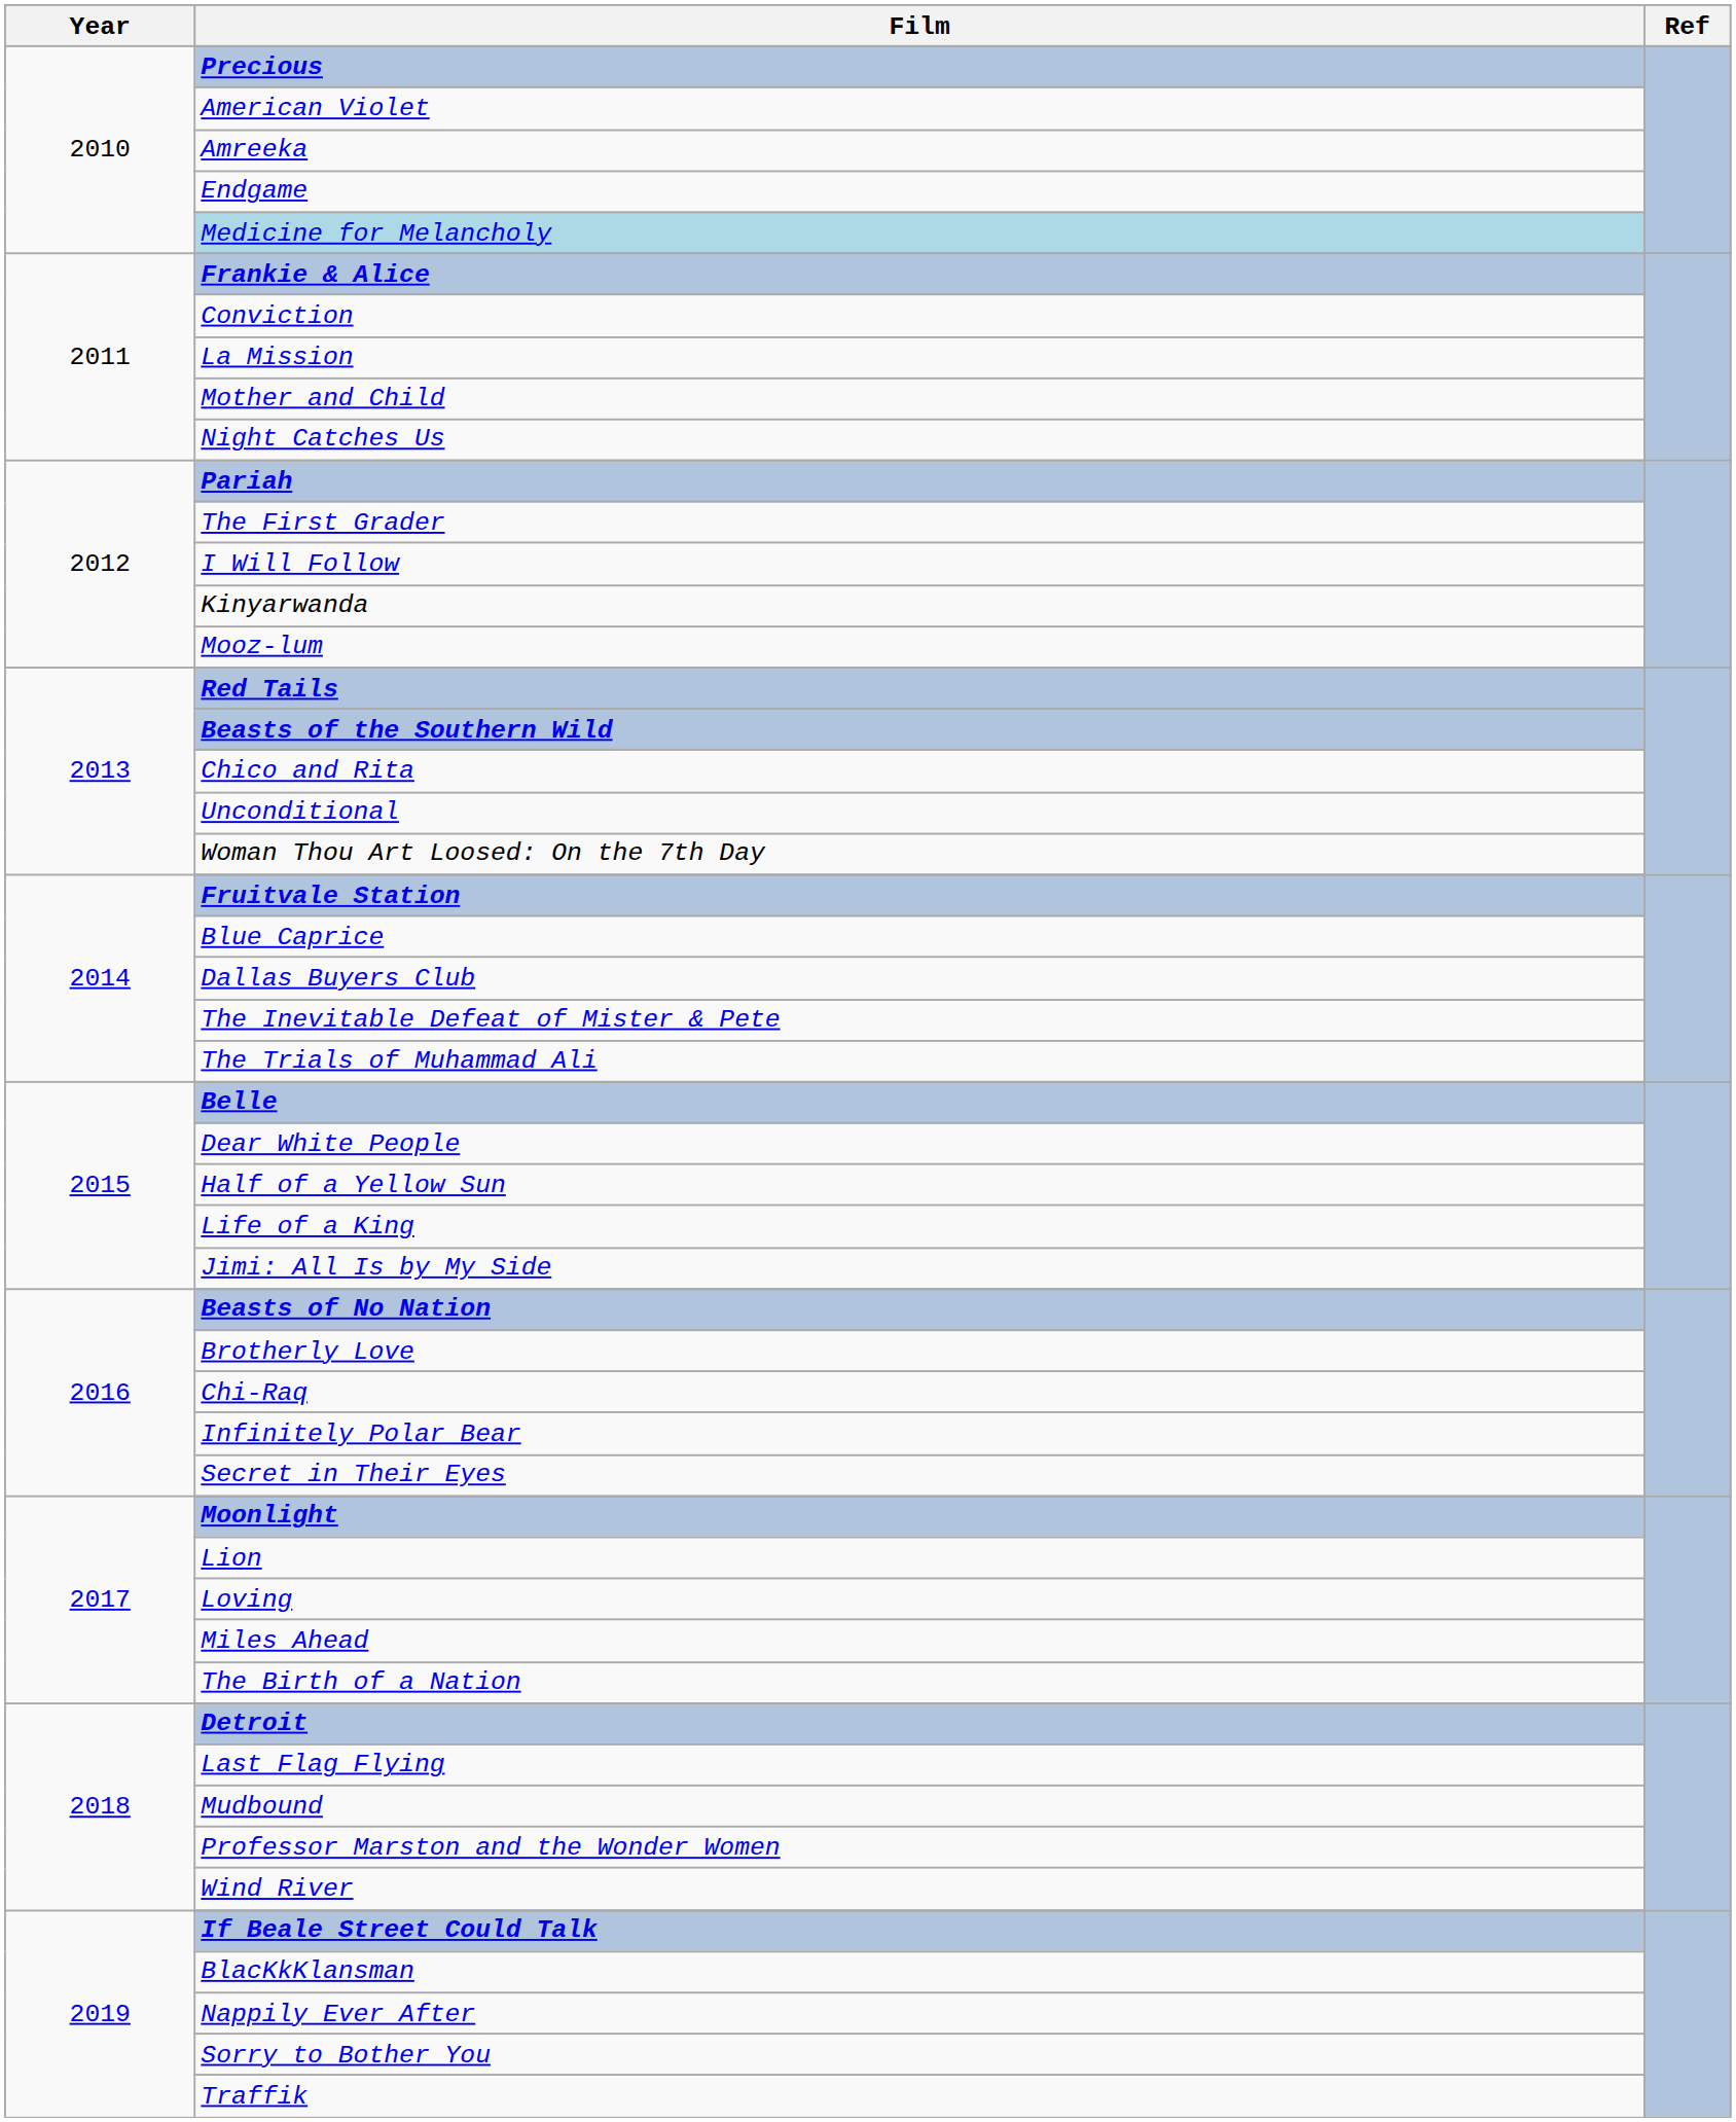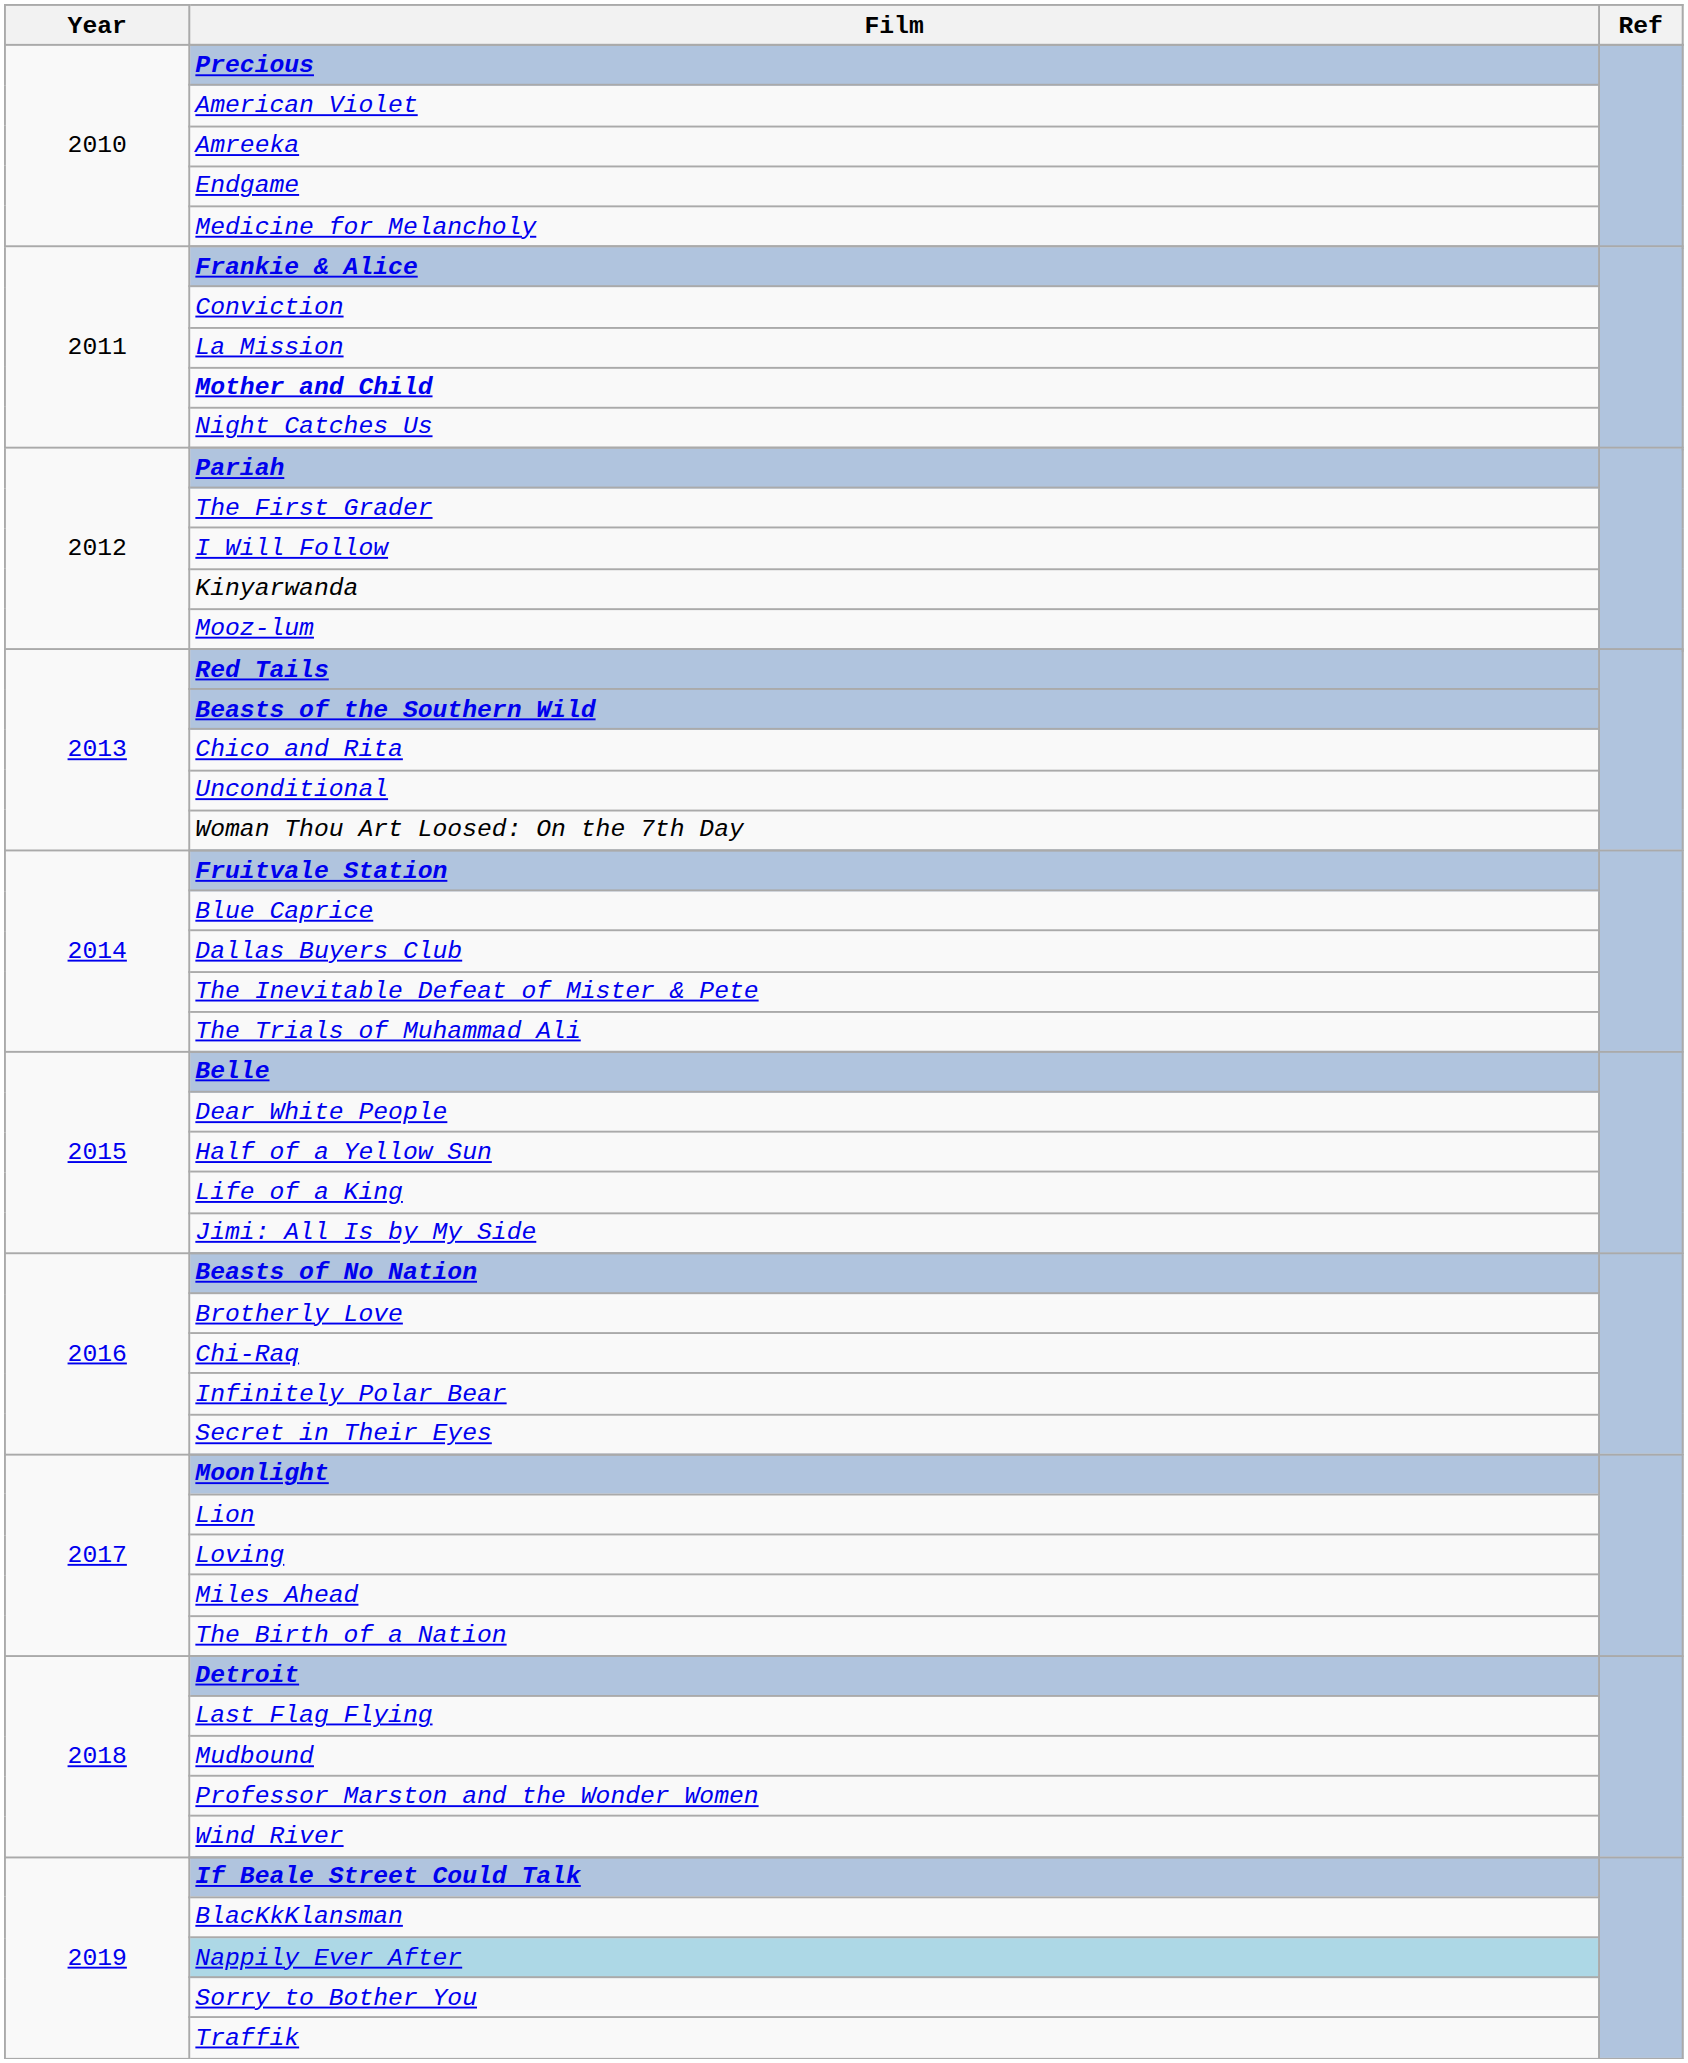 <table class="wikitable" style="width:100%;">
 <tr style="background:#bebebe;">
 <th style="width:11%;">Year</th>
 <th style="width:84%;">Film</th>
 <th style="width:5%;">Ref</th>
 </tr>
 <tr>
 <td rowspan="6" align="center">2010</td>
 </tr>
 <tr style="background:#B0C4DE">
 <td><strong><em><a href='#'>Precious</a></em></strong></td>
 <td rowspan="6" align="center"></td>
 </tr>
 <tr>
 <td><em><a href='#'>American Violet</a></em></td>
 </tr>
 <tr>
 <td><em><a href='#'>Amreeka</a></em></td>
 </tr>
 <tr>
 <td><em><a href='#'>Endgame</a></em></td>
 </tr>
 <tr>
-<td style="background: lightblue;"><em><a href='#'>Medicine for Melancholy</a></em></td>
+<td><em><a href='#'>Medicine for Melancholy</a></em></td>
 </tr>
 <tr>
 <td rowspan="6" align="center">2011</td>
 </tr>
 <tr style="background:#B0C4DE">
 <td><strong><em><a href='#'>Frankie & Alice</a></em></strong></td>
 <td rowspan="6" align="center"></td>
 </tr>
 <tr>
 <td><em><a href='#'>Conviction</a></em></td>
 </tr>
 <tr>
 <td><em><a href='#'>La Mission</a></em></td>
 </tr>
 <tr>
-<td><em><a href='#'>Mother and Child</a></em></td>
+<td><strong><em><a href='#'>Mother and Child</a></em></strong></td>
 </tr>
 <tr>
 <td><em><a href='#'>Night Catches Us</a></em></td>
 </tr>
 <tr>
 <td rowspan="6" align="center">2012</td>
 </tr>
 <tr style="background:#B0C4DE">
 <td><strong><em><a href='#'>Pariah</a></em></strong></td>
 <td rowspan="6" align="center"></td>
 </tr>
 <tr>
 <td><em><a href='#'>The First Grader</a></em></td>
 </tr>
 <tr>
 <td><em><a href='#'>I Will Follow</a></em></td>
 </tr>
 <tr>
 <td><em>Kinyarwanda</em></td>
 </tr>
 <tr>
 <td><em><a href='#'>Mooz-lum</a></em></td>
 </tr>
 <tr>
 <td rowspan="6" align="center"><a href='#'>2013</a></td>
 </tr>
 <tr style="background:#B0C4DE">
 <td><strong><em><a href='#'>Red Tails</a></em></strong></td>
 <td rowspan="6" align="center"></td>
 </tr>
 <tr style="background:#B0C4DE">
 <td><strong><em><a href='#'>Beasts of the Southern Wild</a></em></strong></td>
 </tr>
 <tr>
 <td><em><a href='#'>Chico and Rita</a></em></td>
 </tr>
 <tr>
 <td><em><a href='#'>Unconditional</a></em></td>
 </tr>
 <tr>
 <td><em>Woman Thou Art Loosed: On the 7th Day</em></td>
 </tr>
 <tr>
 <td rowspan="6" align="center"><a href='#'>2014</a></td>
 </tr>
 <tr style="background:#B0C4DE">
 <td><strong><em><a href='#'>Fruitvale Station</a></em></strong></td>
 <td rowspan="6" align="center"></td>
 </tr>
 <tr>
 <td><em><a href='#'>Blue Caprice</a></em></td>
 </tr>
 <tr>
 <td><em><a href='#'>Dallas Buyers Club</a></em></td>
 </tr>
 <tr>
 <td><em><a href='#'>The Inevitable Defeat of Mister & Pete</a></em></td>
 </tr>
 <tr>
 <td><em><a href='#'>The Trials of Muhammad Ali</a></em></td>
 </tr>
 <tr>
 <td rowspan="6" align="center"><a href='#'>2015</a></td>
 </tr>
 <tr style="background:#B0C4DE">
 <td><strong><em><a href='#'>Belle</a></em></strong></td>
 <td rowspan="6" align="center"></td>
 </tr>
 <tr>
 <td><em><a href='#'>Dear White People</a></em></td>
 </tr>
 <tr>
 <td><em><a href='#'>Half of a Yellow Sun</a></em></td>
 </tr>
 <tr>
 <td><em><a href='#'>Life of a King</a></em></td>
 </tr>
 <tr>
 <td><em><a href='#'>Jimi: All Is by My Side</a></em></td>
 </tr>
 <tr>
 <td rowspan="6" align="center"><a href='#'>2016</a></td>
 </tr>
 <tr style="background:#B0C4DE">
 <td><strong><em><a href='#'>Beasts of No Nation</a></em></strong></td>
 <td rowspan="6" align="center"></td>
 </tr>
 <tr>
 <td><em><a href='#'>Brotherly Love</a></em></td>
 </tr>
 <tr>
 <td><em><a href='#'>Chi-Raq</a></em></td>
 </tr>
 <tr>
 <td><em><a href='#'>Infinitely Polar Bear</a></em></td>
 </tr>
 <tr>
 <td><em><a href='#'>Secret in Their Eyes</a></em></td>
 </tr>
 <tr>
 <td rowspan="6" align="center"><a href='#'>2017</a></td>
 </tr>
 <tr style="background:#B0C4DE">
 <td><strong><em><a href='#'>Moonlight</a></em></strong></td>
 <td rowspan="6" align="center"></td>
 </tr>
 <tr>
 <td><em><a href='#'>Lion</a></em></td>
 </tr>
 <tr>
 <td><em><a href='#'>Loving</a></em></td>
 </tr>
 <tr>
 <td><em><a href='#'>Miles Ahead</a></em></td>
 </tr>
 <tr>
 <td><em><a href='#'>The Birth of a Nation</a></em></td>
 </tr>
 <tr>
 <td rowspan="6" align="center"><a href='#'>2018</a></td>
 </tr>
 <tr style="background:#B0C4DE">
 <td><strong><em><a href='#'>Detroit</a></em></strong></td>
 <td rowspan="6" align="center"></td>
 </tr>
 <tr>
 <td><em><a href='#'>Last Flag Flying</a></em></td>
 </tr>
 <tr>
 <td><em><a href='#'>Mudbound</a></em></td>
 </tr>
 <tr>
 <td><em><a href='#'>Professor Marston and the Wonder Women</a></em></td>
 </tr>
 <tr>
 <td><em><a href='#'>Wind River</a></em></td>
 </tr>
 <tr>
 <td rowspan="6" align="center"><a href='#'>2019</a></td>
 </tr>
 <tr style="background:#B0C4DE">
 <td><strong><em><a href='#'>If Beale Street Could Talk</a></em></strong></td>
 <td rowspan="6" align="center"></td>
 </tr>
 <tr>
 <td><em><a href='#'>BlacKkKlansman</a></em></td>
 </tr>
 <tr>
-<td><em><a href='#'>Nappily Ever After</a></em></td>
+<td style="background: lightblue;"><em><a href='#'>Nappily Ever After</a></em></td>
 </tr>
 <tr>
 <td><em><a href='#'>Sorry to Bother You</a></em></td>
 </tr>
 <tr>
 <td><em><a href='#'>Traffik</a></em></td>
 </tr>
 </table>
